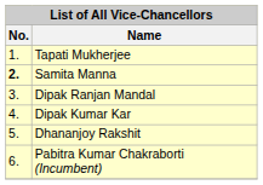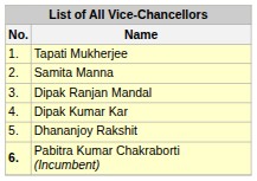 <table class="wikitable mw-collapsible mw-collapsed" style="margin-left:1em; font-size:100%; background:#ffc; color:black; width:20em; max-width:30%;"  cellspacing="0" cellpadding="0">
 <tr>
 <th style="background:#ccc;" colspan="2">List of All Vice-Chancellors</th>
 </tr>
 <tr>
 <th scope="col" style="width: 5%;">No.</th>
 <th scope="col" style="width: 95%;">Name</th>
 </tr>
 <tr>
 <td>1.</td>
 <td>Tapati Mukherjee</td>
 </tr>
 <tr>
-<td><strong>2.</strong></td>
+<td>2.</td>
 <td>Samita Manna</td>
 </tr>
 <tr>
 <td>3.</td>
 <td>Dipak Ranjan Mandal</td>
 </tr>
 <tr>
 <td>4.</td>
 <td>Dipak Kumar Kar</td>
 </tr>
 <tr>
 <td>5.</td>
 <td>Dhananjoy Rakshit</td>
 </tr>
 <tr>
-<td>6.</td>
+<td><strong>6.</strong></td>
 <td>Pabitra Kumar Chakraborti <em>(Incumbent)</em></td>
 </tr>
 <tr>
 </tr>
 </table>
